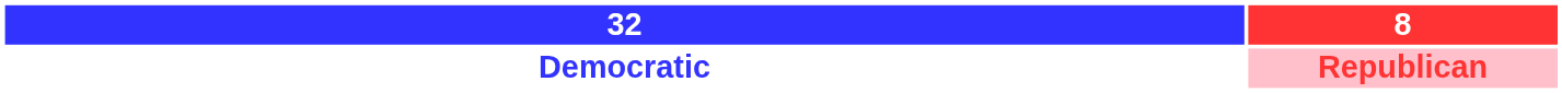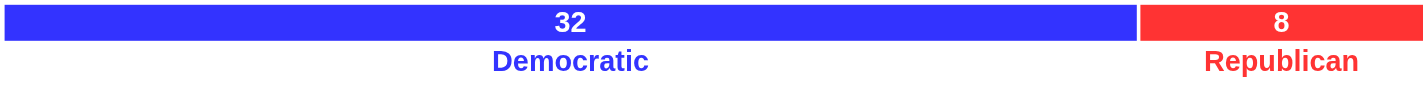 <table style="width:50%">
 <tr>
 <td colspan="3" scope="row" style="text-align:center"></td>
 </tr>
 <tr>
 <td scope="row" style="background:#33F; width:80%; text-align:center; color:white"><strong>32</strong></td>
 <td style="background:#F33; width:20%; text-align:center; color:white"><strong>8</strong></td>
 </tr>
 <tr>
 <td scope="row" style="text-align:center; color:#33F"><strong>Democratic</strong></td>
-<td style="background: pink; text-align:center; color:#F33"><strong>Republican</strong></td>
+<td style="text-align:center; color:#F33"><strong>Republican</strong></td>
 </tr>
 </table>
